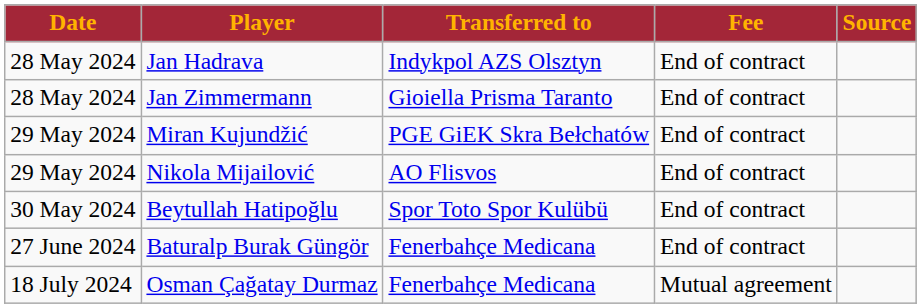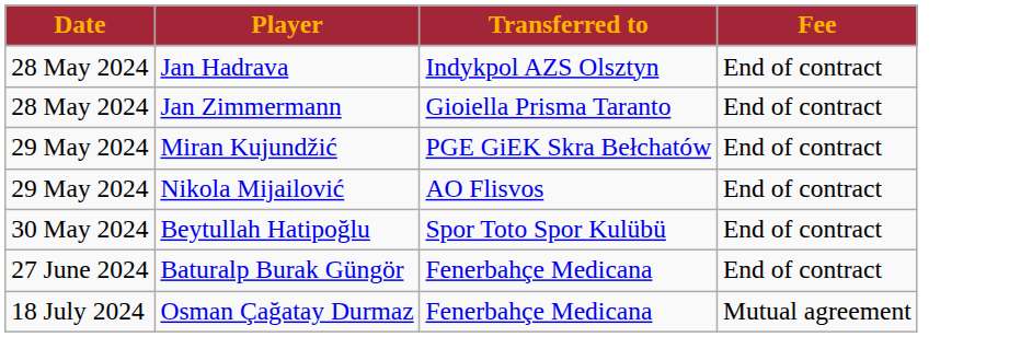 <table class="wikitable plainrowheaders sortable">
 <tr>
 <th style="background:#A32638; color:#FFB300; ">Date</th>
 <th style="background:#A32638; color:#FFB300; ">Player</th>
 <th style="background:#A32638; color:#FFB300; ">Transferred to</th>
 <th style="background:#A32638; color:#FFB300; ">Fee</th>
-<th style="background:#A32638; color:#FFB300; ">Source</th>
 </tr>
 <tr>
 <td>28 May 2024</td>
 <td align=left> <a href='#'>Jan Hadrava</a></td>
 <td align=left> <a href='#'>Indykpol AZS Olsztyn</a></td>
 <td>End of contract</td>
-<td></td>
 </tr>
 <tr>
 <td>28 May 2024</td>
 <td align=left> <a href='#'>Jan Zimmermann</a></td>
 <td align=left> <a href='#'>Gioiella Prisma Taranto</a></td>
 <td>End of contract</td>
-<td></td>
 </tr>
 <tr>
 <td>29 May 2024</td>
 <td align=left> <a href='#'>Miran Kujundžić</a></td>
 <td align=left> <a href='#'>PGE GiEK Skra Bełchatów</a></td>
 <td>End of contract</td>
-<td></td>
 </tr>
 <tr>
 <td>29 May 2024</td>
 <td align=left> <a href='#'>Nikola Mijailović</a></td>
 <td align=left> <a href='#'>AO Flisvos</a></td>
 <td>End of contract</td>
-<td></td>
 </tr>
 <tr>
 <td>30 May 2024</td>
 <td align=left> <a href='#'>Beytullah Hatipoğlu</a></td>
 <td align=left> <a href='#'>Spor Toto Spor Kulübü</a></td>
 <td>End of contract</td>
-<td></td>
 </tr>
 <tr>
 <td>27 June 2024</td>
 <td align=left> <a href='#'>Baturalp Burak Güngör</a></td>
 <td align=left> <a href='#'>Fenerbahçe Medicana</a></td>
 <td>End of contract</td>
-<td></td>
 </tr>
 <tr>
 <td>18 July 2024</td>
 <td align=left> <a href='#'>Osman Çağatay Durmaz</a></td>
 <td align=left> <a href='#'>Fenerbahçe Medicana</a></td>
 <td>Mutual agreement</td>
-<td></td>
 </tr>
 </table>
